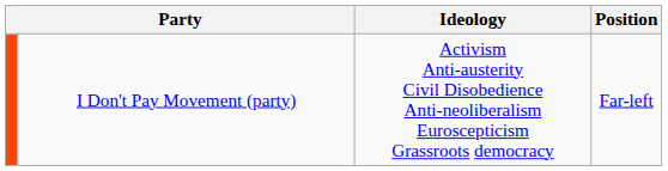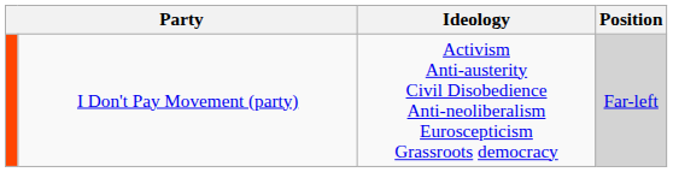 <table class="wikitable" style="text-align:center" |>
 <tr>
 <th style="width:300px" colspan=2>Party</th>
 <th style="width:200px">Ideology</th>
 <th>Position</th>
 </tr>
 <tr>
 <td bgcolor= #FF4500></td>
 <td><a href='#'>I Don't Pay Movement (party)</a><br><small></small></td>
 <td><span><a href='#'>Activism</a><br><a href='#'>Anti-austerity</a><br><a href='#'>Civil Disobedience</a><br><a href='#'>Anti-neoliberalism</a><br><a href='#'>Euroscepticism</a><br><a href='#'>Grassroots</a> <a href='#'>democracy</a></span></td>
-<td><a href='#'>Far-left</a></td>
+<td style="background: lightgrey;"><a href='#'>Far-left</a></td>
 </tr>
 </table>
